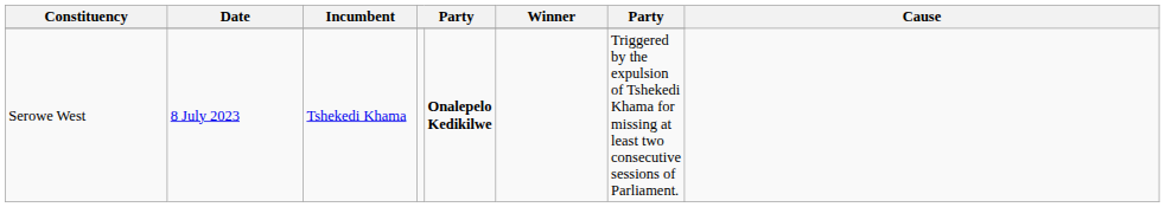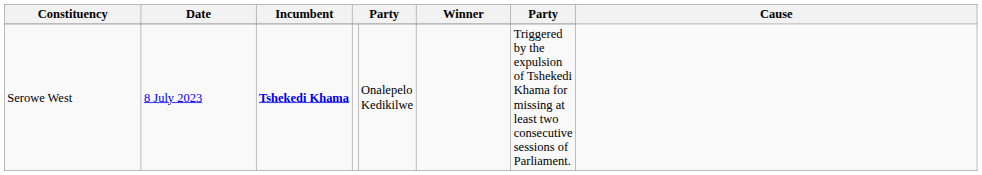 <table class="wikitable">
 <tr>
 <th ! scope="col" style="width: 175px;">Constituency</th>
 <th ! scope="col" style="width: 150px;">Date</th>
 <th ! scope="col" style="width: 120px;">Incumbent</th>
 <th ! scope="col" style="width: 50px;" colspan=2>Party</th>
 <th ! scope="col" style="width: 120px;">Winner</th>
 <th ! scope="col" style="width: 25px;" colspan=2>Party</th>
 <th ! scope="col" style="width: 550px;">Cause</th>
 </tr>
 <tr>
 </tr>
 <tr>
 </tr>
 <tr>
 <td>Serowe West</td>
 <td><a href='#'>8 July 2023</a></td>
-<td><a href='#'>Tshekedi Khama</a></td>
+<td><strong><a href='#'>Tshekedi Khama</a></strong></td>
 <td></td>
-<td><strong>Onalepelo Kedikilwe</strong></td>
+<td>Onalepelo Kedikilwe</td>
 <td></td>
 <td>Triggered by the expulsion of Tshekedi Khama for missing at least two consecutive sessions of Parliament.</td>
 </tr>
 </table>
